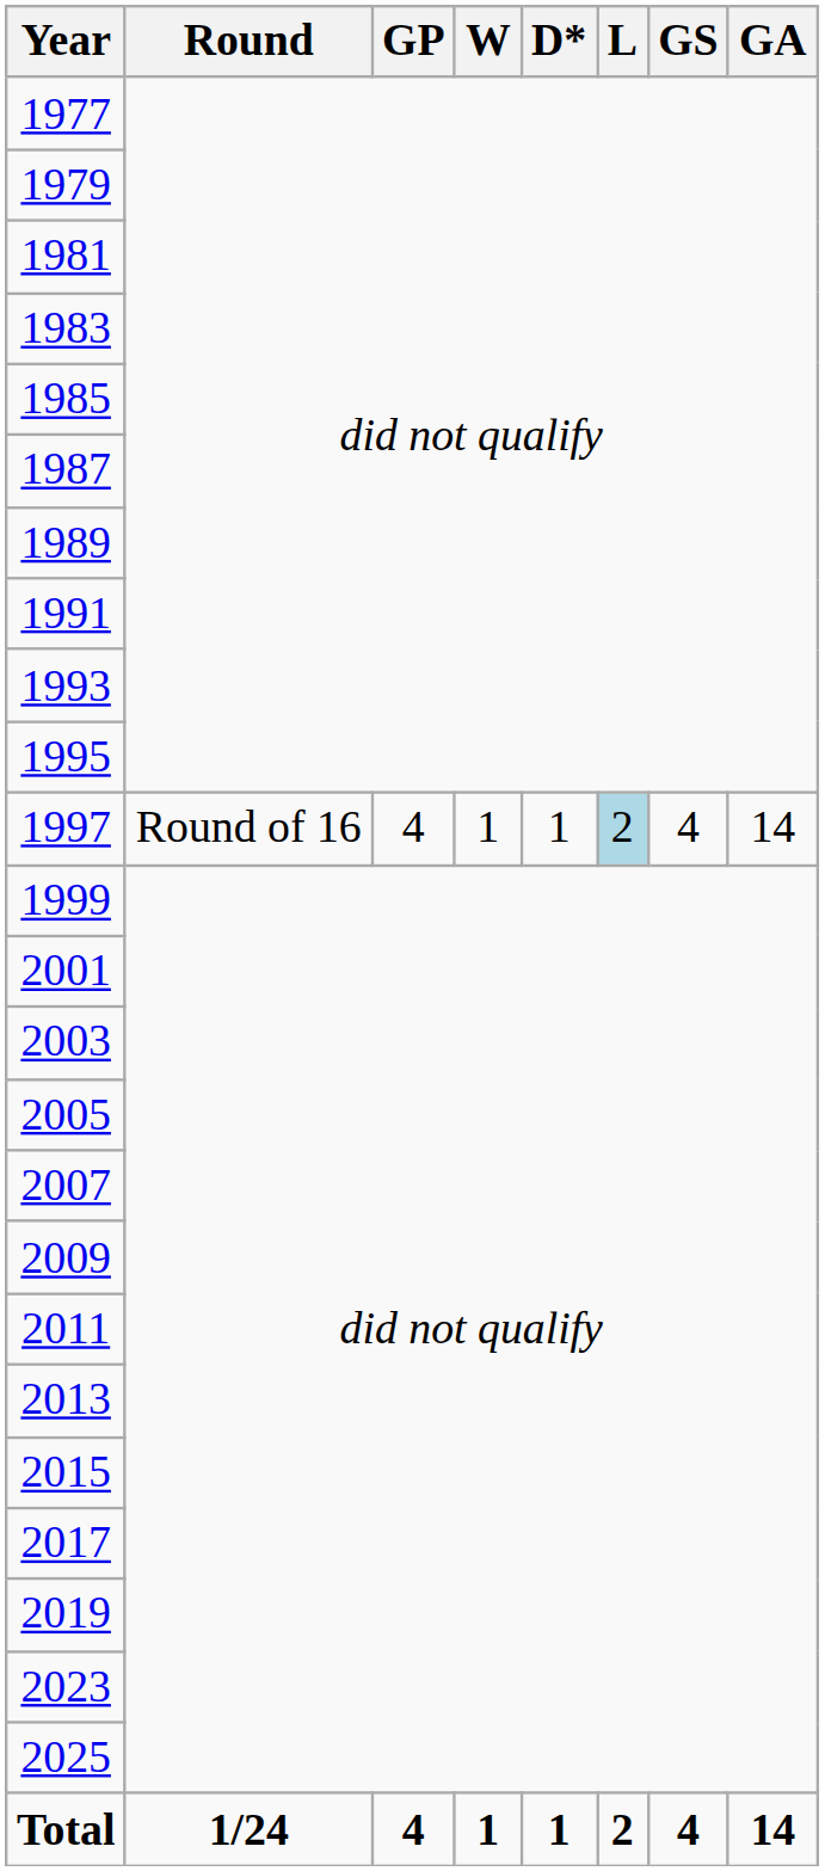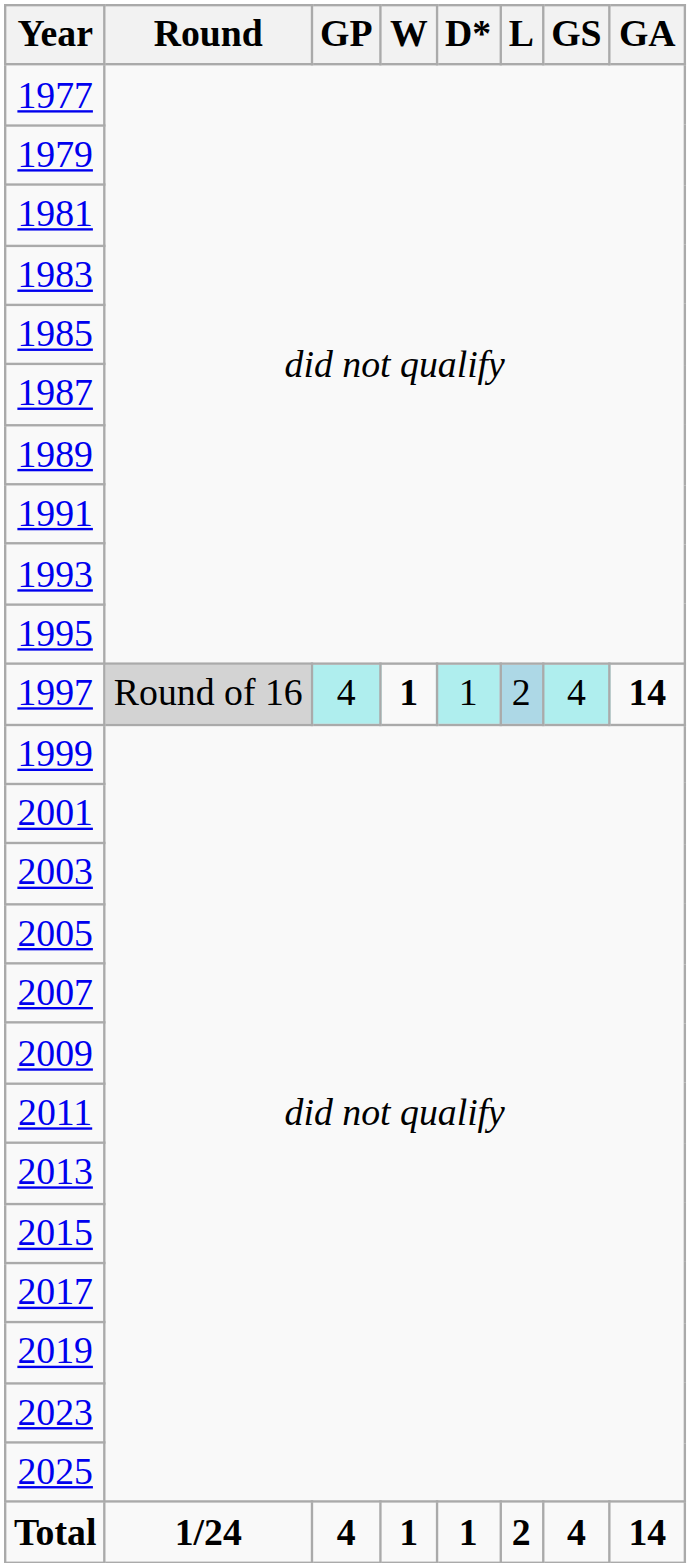 <table class="wikitable" style="text-align: center;">
 <tr>
 <th>Year</th>
 <th>Round</th>
 <th>GP</th>
 <th>W</th>
 <th>D*</th>
 <th>L</th>
 <th>GS</th>
 <th>GA</th>
 </tr>
 <tr>
 <td> <a href='#'>1977</a></td>
 <td rowspan=10 colspan=7><em>did not qualify</em></td>
 </tr>
 <tr>
 <td> <a href='#'>1979</a></td>
 </tr>
 <tr>
 <td> <a href='#'>1981</a></td>
 </tr>
 <tr>
 <td> <a href='#'>1983</a></td>
 </tr>
 <tr>
 <td> <a href='#'>1985</a></td>
 </tr>
 <tr>
 <td> <a href='#'>1987</a></td>
 </tr>
 <tr>
 <td> <a href='#'>1989</a></td>
 </tr>
 <tr>
 <td> <a href='#'>1991</a></td>
 </tr>
 <tr>
 <td> <a href='#'>1993</a></td>
 </tr>
 <tr>
 <td> <a href='#'>1995</a></td>
 </tr>
 <tr>
 <td> <a href='#'>1997</a></td>
-<td>Round of 16</td>
-<td>4</td>
-<td>1</td>
-<td>1</td>
+<td style="background: lightgrey;">Round of 16</td>
+<td style="background: paleturquoise;">4</td>
+<td><strong>1</strong></td>
+<td style="background: paleturquoise;">1</td>
 <td style="background: lightblue;">2</td>
-<td>4</td>
-<td>14</td>
+<td style="background: paleturquoise;">4</td>
+<td><strong>14</strong></td>
 </tr>
 <tr>
 <td> <a href='#'>1999</a></td>
 <td rowspan=13 colspan=7><em>did not qualify</em></td>
 </tr>
 <tr>
 <td> <a href='#'>2001</a></td>
 </tr>
 <tr>
 <td> <a href='#'>2003</a></td>
 </tr>
 <tr>
 <td> <a href='#'>2005</a></td>
 </tr>
 <tr>
 <td> <a href='#'>2007</a></td>
 </tr>
 <tr>
 <td> <a href='#'>2009</a></td>
 </tr>
 <tr>
 <td> <a href='#'>2011</a></td>
 </tr>
 <tr>
 <td> <a href='#'>2013</a></td>
 </tr>
 <tr>
 <td> <a href='#'>2015</a></td>
 </tr>
 <tr>
 <td> <a href='#'>2017</a></td>
 </tr>
 <tr>
 <td> <a href='#'>2019</a></td>
 </tr>
 <tr>
 <td> <a href='#'>2023</a></td>
 </tr>
 <tr>
 <td> <a href='#'>2025</a></td>
 </tr>
 <tr>
 <td><strong>Total</strong></td>
 <td><strong>1/24</strong></td>
 <td><strong>4</strong></td>
 <td><strong>1</strong></td>
 <td><strong>1</strong></td>
 <td><strong>2</strong></td>
 <td><strong>4</strong></td>
 <td><strong>14</strong></td>
 </tr>
 </table>
